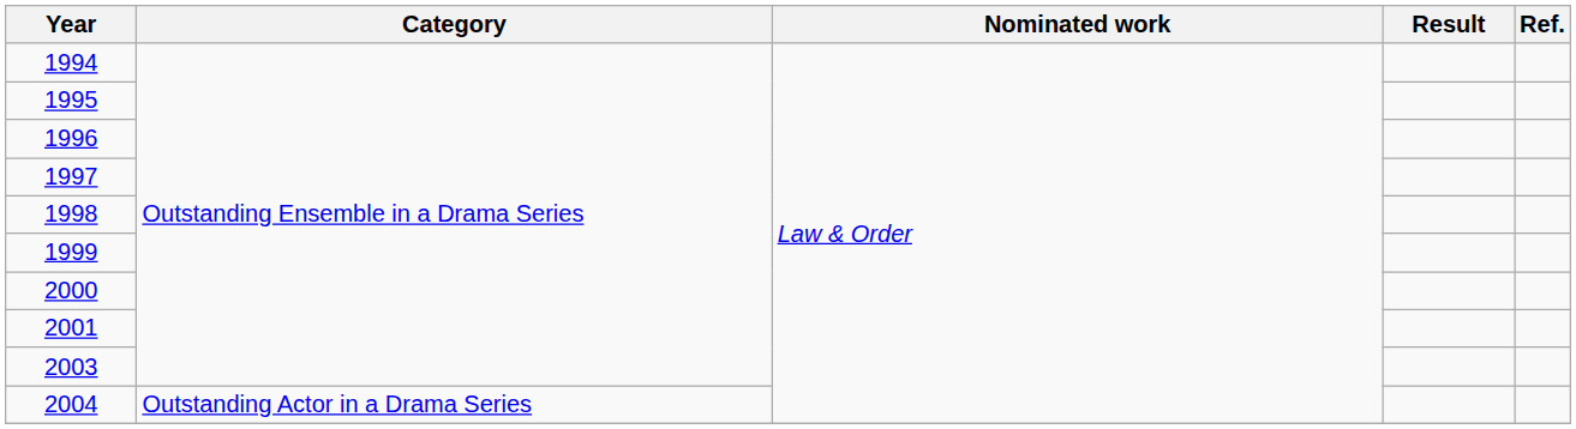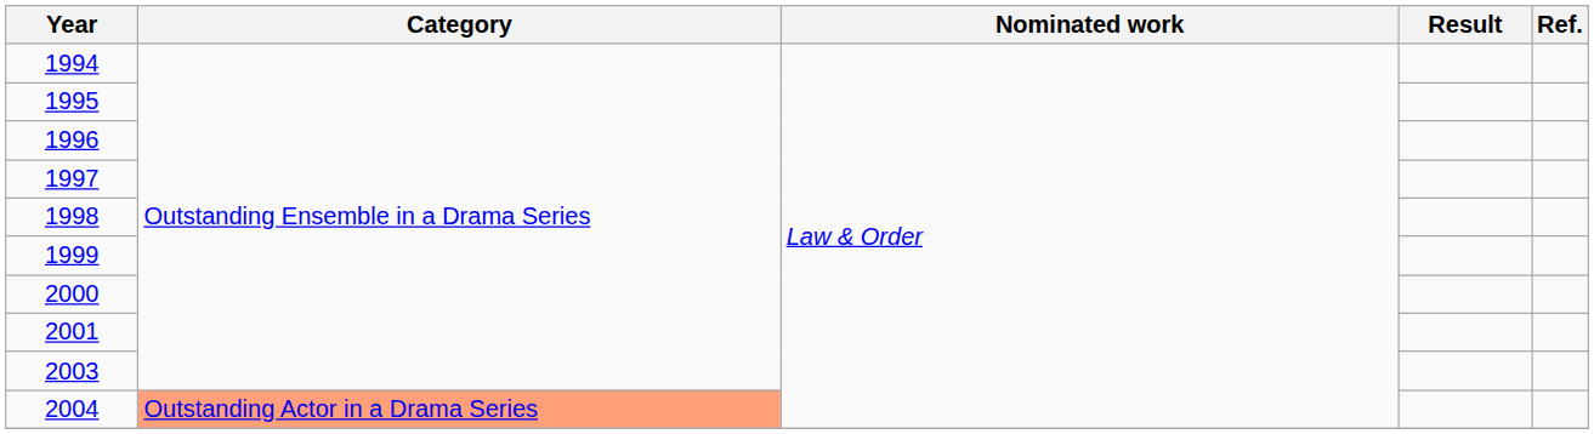 <table class=wikitable>
 <tr>
 <th scope="col" style="width:5em;">Year</th>
 <th scope="col" style="width:26em;">Category</th>
 <th scope="col" style="width:25em;">Nominated work</th>
 <th scope="col" style="width:5em;">Result</th>
 <th>Ref.</th>
 </tr>
 <tr>
 <td style="text-align:center;"><a href='#'>1994</a></td>
 <td rowspan=9><a href='#'>Outstanding Ensemble in a Drama Series</a></td>
 <td rowspan=10><em><a href='#'>Law & Order</a></em></td>
 <td></td>
 <td></td>
 </tr>
 <tr>
 <td style="text-align:center;"><a href='#'>1995</a></td>
 <td></td>
 <td></td>
 </tr>
 <tr>
 <td style="text-align:center;"><a href='#'>1996</a></td>
 <td></td>
 <td></td>
 </tr>
 <tr>
 <td style="text-align:center;"><a href='#'>1997</a></td>
 <td></td>
 <td></td>
 </tr>
 <tr>
 <td style="text-align:center;"><a href='#'>1998</a></td>
 <td></td>
 <td></td>
 </tr>
 <tr>
 <td style="text-align:center;"><a href='#'>1999</a></td>
 <td></td>
 <td></td>
 </tr>
 <tr>
 <td style="text-align:center;"><a href='#'>2000</a></td>
 <td></td>
 <td></td>
 </tr>
 <tr>
 <td style="text-align:center;"><a href='#'>2001</a></td>
 <td></td>
 <td></td>
 </tr>
 <tr>
 <td style="text-align:center;"><a href='#'>2003</a></td>
 <td></td>
 <td></td>
 </tr>
 <tr>
 <td style="text-align:center;"><a href='#'>2004</a></td>
-<td><a href='#'>Outstanding Actor in a Drama Series</a></td>
+<td style="background: lightsalmon;"><a href='#'>Outstanding Actor in a Drama Series</a></td>
 <td></td>
 <td></td>
 </tr>
 <tr>
 </tr>
 </table>
